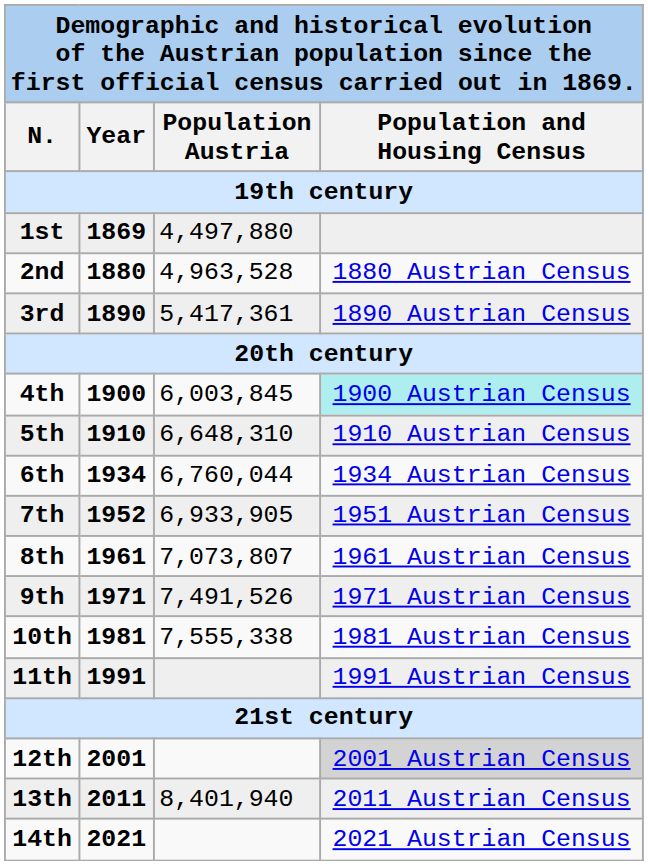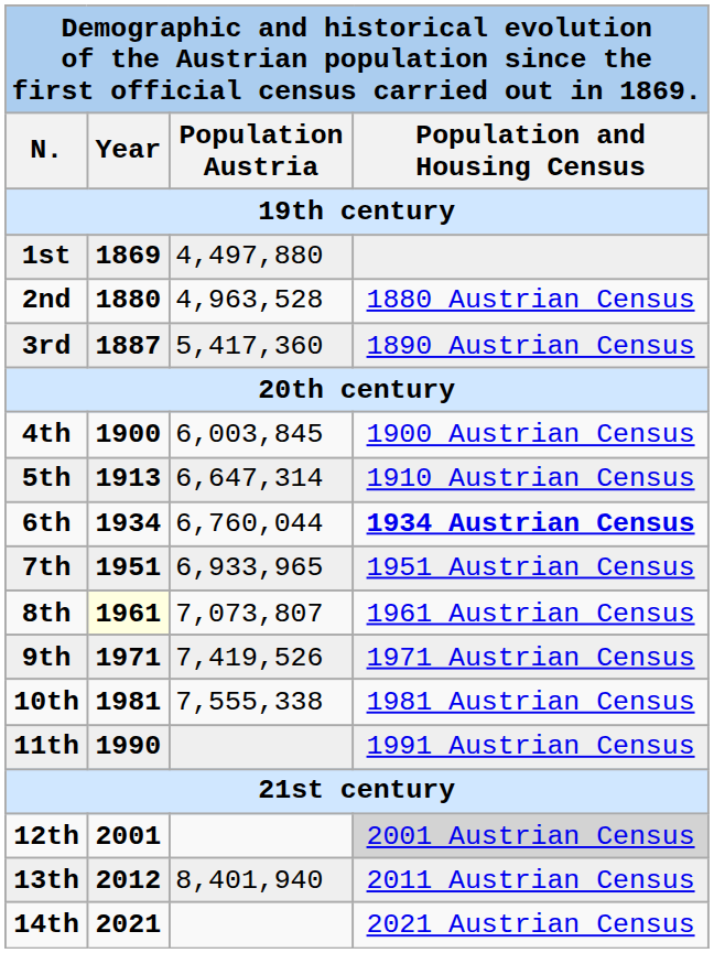 <table class="wikitable">
 <tr>
 <th colspan= "4" style="text-align:center; background:#abcdef;">Demographic and historical evolution <br>of the Austrian population since the <br> first official census carried out in 1869.</th>
 </tr>
 <tr>
 <th>N.</th>
 <th>Year</th>
 <th>Population<br>Austria</th>
 <th>Population and <br> Housing Census</th>
 </tr>
 <tr align="center">
 <td colspan="4" style="background:#D0E7FF"><strong>19th century</strong></td>
 </tr>
 <tr align="center" style="background:#efefef; color:black">
 <td><strong>1st</strong></td>
 <td><strong>1869</strong></td>
 <td align="left"> 4,497,880</td>
 <td></td>
 </tr>
 <tr align="center">
 <td><strong>2nd</strong></td>
 <td><strong>1880</strong></td>
 <td align="left"> 4,963,528</td>
 <td><a href='#'>1880 Austrian Census</a></td>
 </tr>
 <tr align="center" style="background:#efefef; color:black">
 <td><strong>3rd</strong></td>
-<td><strong>1890</strong></td>
-<td align="left"> 5,417,361</td>
+<td><strong>1887</strong></td>
+<td align="left"> 5,417,360</td>
 <td><a href='#'>1890 Austrian Census</a></td>
 </tr>
 <tr align="center">
 <td colspan="4" style="background:#D0E7FF"><strong>20th century</strong></td>
 </tr>
 <tr align="center">
 <td><strong>4th</strong></td>
 <td><strong>1900</strong></td>
 <td align="left"> 6,003,845</td>
-<td style="background: paleturquoise;"><a href='#'>1900 Austrian Census</a></td>
+<td><a href='#'>1900 Austrian Census</a></td>
 </tr>
 <tr align="center" style="background:#efefef; color:black">
 <td><strong>5th</strong></td>
-<td><strong>1910</strong></td>
-<td align="left"> 6,648,310</td>
+<td><strong>1913</strong></td>
+<td align="left"> 6,647,314</td>
 <td><a href='#'>1910 Austrian Census</a></td>
 </tr>
 <tr align="center">
 <td><strong>6th</strong></td>
 <td><strong>1934</strong></td>
 <td align="left"> 6,760,044</td>
-<td><a href='#'>1934 Austrian Census</a></td>
+<td><strong><a href='#'>1934 Austrian Census</a></strong></td>
 </tr>
 <tr align="center" style="background:#efefef; color:black">
 <td><strong>7th</strong></td>
-<td><strong>1952</strong></td>
-<td align="left"> 6,933,905</td>
+<td><strong>1951</strong></td>
+<td align="left"> 6,933,965</td>
 <td><a href='#'>1951 Austrian Census</a></td>
 </tr>
 <tr align="center">
 <td><strong>8th</strong></td>
-<td><strong>1961</strong></td>
+<td style="background: lightyellow;"><strong>1961</strong></td>
 <td align="left"> 7,073,807</td>
 <td><a href='#'>1961 Austrian Census</a></td>
 </tr>
 <tr align="center" style="background:#efefef; color:black">
 <td><strong>9th</strong></td>
 <td><strong>1971</strong></td>
-<td align="left"> 7,491,526</td>
+<td align="left"> 7,419,526</td>
 <td><a href='#'>1971 Austrian Census</a></td>
 </tr>
 <tr align="center">
 <td><strong>10th</strong></td>
 <td><strong>1981</strong></td>
 <td align="left"> 7,555,338</td>
 <td><a href='#'>1981 Austrian Census</a></td>
 </tr>
 <tr align="center" style="background:#efefef; color:black">
 <td><strong>11th</strong></td>
-<td><strong>1991</strong></td>
+<td><strong>1990</strong></td>
 <td align="left"></td>
 <td><a href='#'>1991 Austrian Census</a></td>
 </tr>
 <tr align="center">
 <td colspan="4" style="background:#D0E7FF"><strong>21st century</strong></td>
 </tr>
 <tr align="center">
 <td><strong>12th</strong></td>
 <td><strong>2001</strong></td>
 <td align="left"></td>
 <td style="background: lightgrey;"><a href='#'>2001 Austrian Census</a></td>
 </tr>
 <tr align="center" style="background:#efefef; color:black">
 <td><strong>13th</strong></td>
-<td><strong>2011</strong></td>
+<td><strong>2012</strong></td>
 <td align="left"> 8,401,940</td>
 <td><a href='#'>2011 Austrian Census</a></td>
 </tr>
 <tr align="center">
 <td><strong>14th</strong></td>
 <td><strong>2021</strong></td>
 <td align="left"></td>
 <td><a href='#'>2021 Austrian Census</a></td>
 </tr>
 </table>
